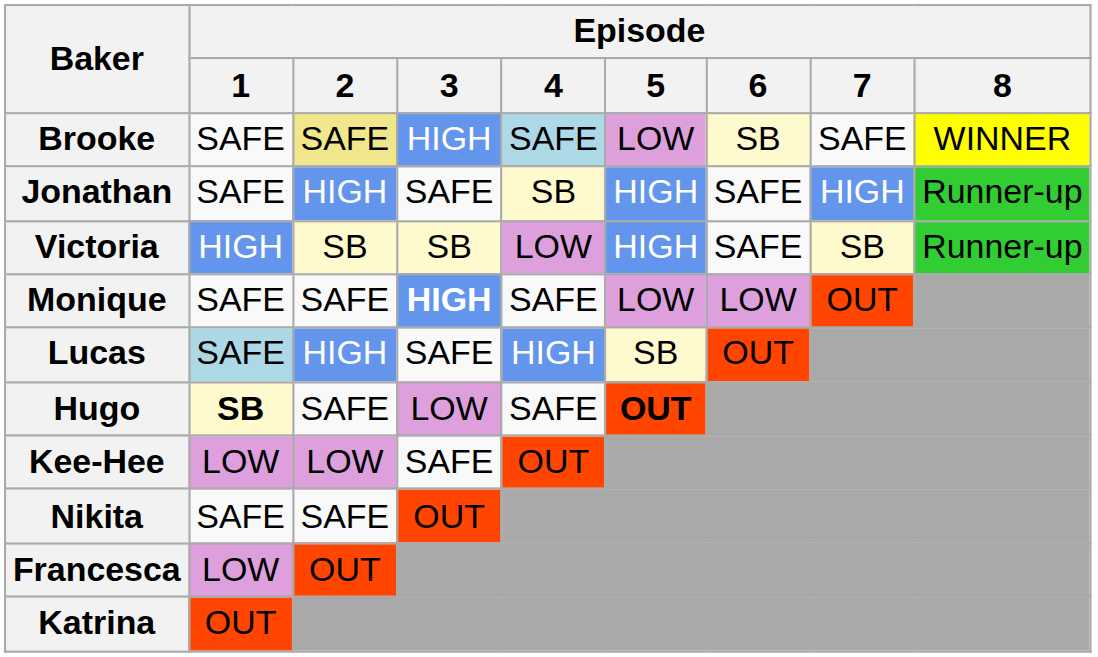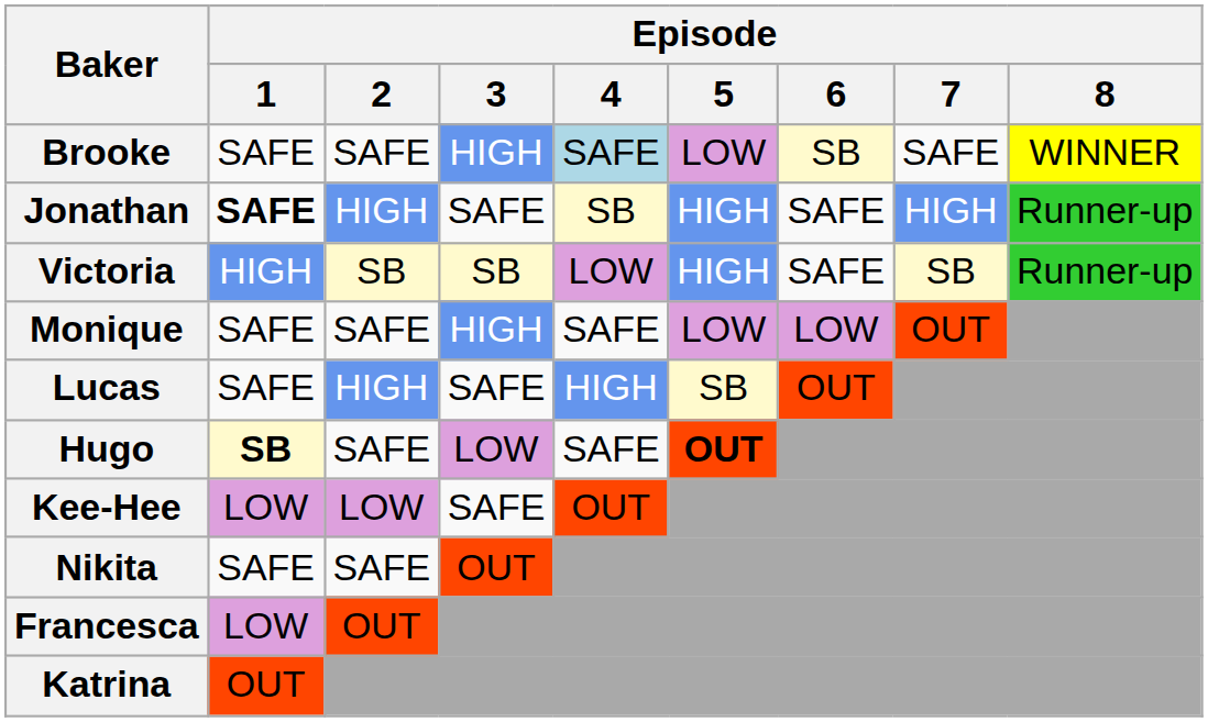 <table class="wikitable" style="text-align:center">
 <tr>
 <th scope="col" rowspan="2">Baker</th>
 <th scope="col" colspan="8">Episode</th>
 </tr>
 <tr>
 <th>1</th>
 <th>2</th>
 <th>3</th>
 <th>4</th>
 <th>5</th>
 <th>6</th>
 <th>7</th>
 <th>8</th>
 </tr>
 <tr>
 <th align="left">Brooke</th>
 <td>SAFE</td>
-<td style="background: khaki;">SAFE</td>
+<td>SAFE</td>
 <td style="background:CornflowerBlue;color:white">HIGH</td>
 <td style="background: lightblue;">SAFE</td>
 <td style="background:Plum;">LOW</td>
 <td style="background:LemonChiffon;">SB</td>
 <td>SAFE</td>
 <td style="background:Yellow;">WINNER</td>
 </tr>
 <tr>
 <th align="left">Jonathan</th>
-<td>SAFE</td>
+<td><strong>SAFE</strong></td>
 <td style="background:CornflowerBlue;color:white">HIGH</td>
 <td>SAFE</td>
 <td style="background:LemonChiffon;">SB</td>
 <td style="background:CornflowerBlue;color:white">HIGH</td>
 <td>SAFE</td>
 <td style="background:CornflowerBlue;color:white">HIGH</td>
 <td style="background:LimeGreen;">Runner-up</td>
 </tr>
 <tr>
 <th align="left">Victoria</th>
 <td style="background:CornflowerBlue;color:white">HIGH</td>
 <td style="background:LemonChiffon;">SB</td>
 <td style="background:LemonChiffon;">SB</td>
 <td style="background:Plum;">LOW</td>
 <td style="background:CornflowerBlue;color:white">HIGH</td>
 <td>SAFE</td>
 <td style="background:LemonChiffon;">SB</td>
 <td style="background:LimeGreen;">Runner-up</td>
 </tr>
 <tr>
 <th align="left">Monique</th>
 <td>SAFE</td>
 <td>SAFE</td>
-<td style="background:CornflowerBlue;color:white"><strong>HIGH</strong></td>
+<td style="background:CornflowerBlue;color:white">HIGH</td>
 <td>SAFE</td>
 <td style="background:Plum;">LOW</td>
 <td style="background:Plum;">LOW</td>
 <td style="background:orangered;">OUT</td>
 <td colspan="8" style="background:darkgrey;"></td>
 </tr>
 <tr>
 <th align="left">Lucas</th>
-<td style="background: lightblue;">SAFE</td>
+<td>SAFE</td>
 <td style="background:CornflowerBlue;color:white">HIGH</td>
 <td>SAFE</td>
 <td style="background:CornflowerBlue;color:white">HIGH</td>
 <td style="background:LemonChiffon;">SB</td>
 <td style="background:orangered;">OUT</td>
 <td colspan="8" style="background:darkgrey;"></td>
 </tr>
 <tr>
 <th align="left">Hugo</th>
 <td style="background:LemonChiffon;"><strong>SB</strong></td>
 <td>SAFE</td>
 <td style="background:Plum;">LOW</td>
 <td>SAFE</td>
 <td style="background:orangered;"><strong>OUT</strong></td>
 <td colspan="8" style="background:darkgrey;"></td>
 </tr>
 <tr>
 <th align="left">Kee-Hee</th>
 <td style="background:Plum;">LOW</td>
 <td style="background:Plum;">LOW</td>
 <td>SAFE</td>
 <td style="background:orangered;">OUT</td>
 <td colspan="8" style="background:darkgrey;"></td>
 </tr>
 <tr>
 <th align="left">Nikita</th>
 <td>SAFE</td>
 <td>SAFE</td>
 <td style="background:orangered;">OUT</td>
 <td colspan="8" style="background:darkgrey;"></td>
 </tr>
 <tr>
 <th align="left">Francesca</th>
 <td style="background:Plum;">LOW</td>
 <td style="background:orangered;">OUT</td>
 <td colspan="8" style="background:darkgrey;"></td>
 </tr>
 <tr>
 <th align="left">Katrina</th>
 <td style="background:orangered;">OUT</td>
 <td colspan="8" style="background:darkgrey;"></td>
 </tr>
 </table>
